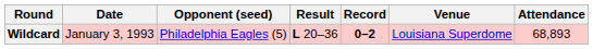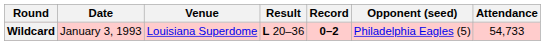 <table class="wikitable"  style="text-align: center;">
 <tr>
 <th>Round</th>
 <th>Date</th>
-<th>Opponent (seed)</th>
+<th>Venue</th>
 <th>Result</th>
 <th>Record</th>
-<th>Venue</th>
+<th>Opponent (seed)</th>
 <th>Attendance</th>
 </tr>
 <tr style="background:#fcc">
 <th>Wildcard</th>
 <td>January 3, 1993</td>
-<td><a href='#'>Philadelphia Eagles</a> (5)</td>
+<td><a href='#'>Louisiana Superdome</a></td>
 <td><strong>L</strong> 20–36</td>
 <td><strong>0–2</strong></td>
-<td><a href='#'>Louisiana Superdome</a></td>
-<td>68,893</td>
+<td><a href='#'>Philadelphia Eagles</a> (5)</td>
+<td>54,733</td>
 </tr>
 </table>
